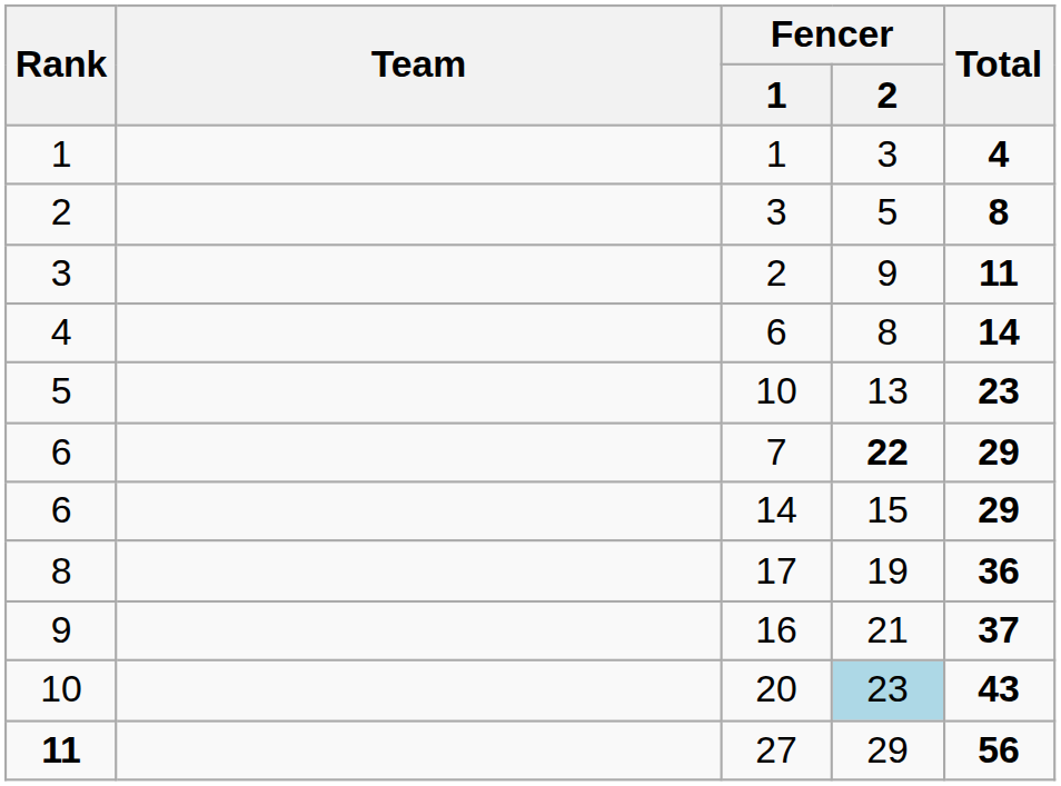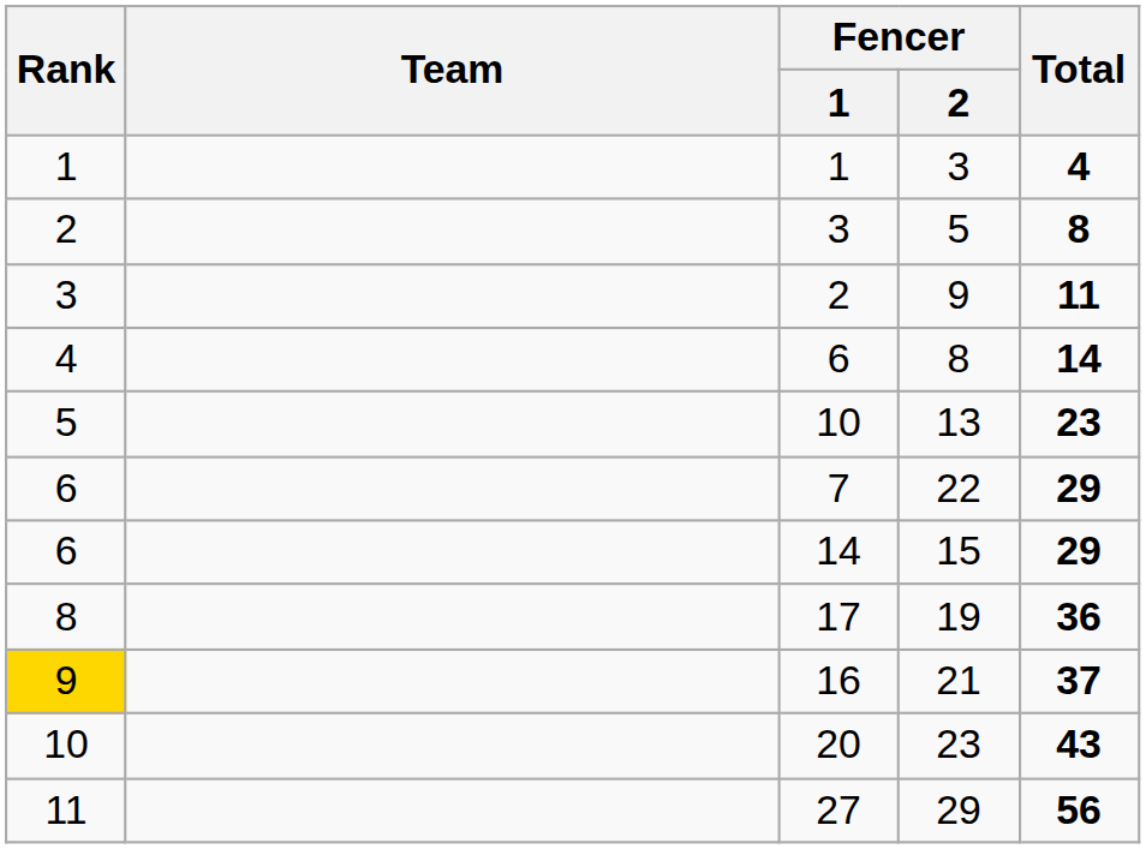 <table class=wikitable style="text-align:center">
 <tr>
 <th rowspan=2 width=40>Rank</th>
 <th rowspan=2 width=250>Team</th>
 <th colspan=2>Fencer</th>
 <th rowspan=2 width=40>Total</th>
 </tr>
 <tr>
 <th width=40>1</th>
 <th width=40>2</th>
 </tr>
 <tr>
 <td>1</td>
 <td align=left></td>
 <td>1</td>
 <td>3</td>
 <td><strong>4</strong></td>
 </tr>
 <tr>
 <td>2</td>
 <td align=left></td>
 <td>3</td>
 <td>5</td>
 <td><strong>8</strong></td>
 </tr>
 <tr>
 <td>3</td>
 <td align=left></td>
 <td>2</td>
 <td>9</td>
 <td><strong>11</strong></td>
 </tr>
 <tr>
 <td>4</td>
 <td align=left></td>
 <td>6</td>
 <td>8</td>
 <td><strong>14</strong></td>
 </tr>
 <tr>
 <td>5</td>
 <td align=left></td>
 <td>10</td>
 <td>13</td>
 <td><strong>23</strong></td>
 </tr>
 <tr>
 <td>6</td>
 <td align=left></td>
 <td>7</td>
-<td><strong>22</strong></td>
+<td>22</td>
 <td><strong>29</strong></td>
 </tr>
 <tr>
 <td>6</td>
 <td align=left></td>
 <td>14</td>
 <td>15</td>
 <td><strong>29</strong></td>
 </tr>
 <tr>
 <td>8</td>
 <td align=left></td>
 <td>17</td>
 <td>19</td>
 <td><strong>36</strong></td>
 </tr>
 <tr>
-<td>9</td>
+<td style="background: gold;">9</td>
 <td align=left></td>
 <td>16</td>
 <td>21</td>
 <td><strong>37</strong></td>
 </tr>
 <tr>
 <td>10</td>
 <td align=left></td>
 <td>20</td>
-<td style="background: lightblue;">23</td>
+<td>23</td>
 <td><strong>43</strong></td>
 </tr>
 <tr>
-<td><strong>11</strong></td>
+<td>11</td>
 <td align=left></td>
 <td>27</td>
 <td>29</td>
 <td><strong>56</strong></td>
 </tr>
 </table>
